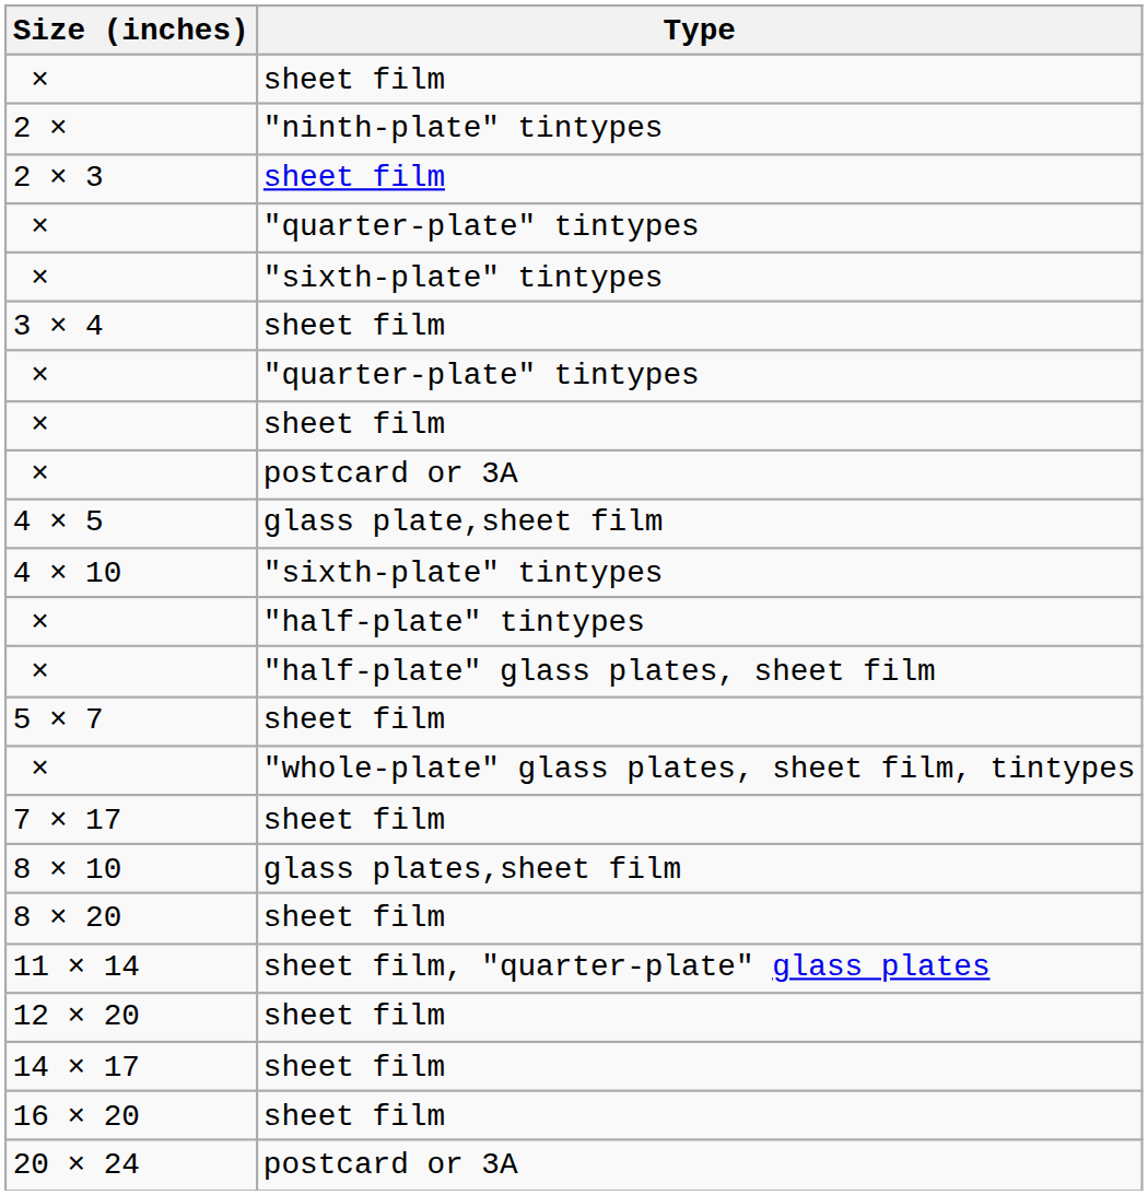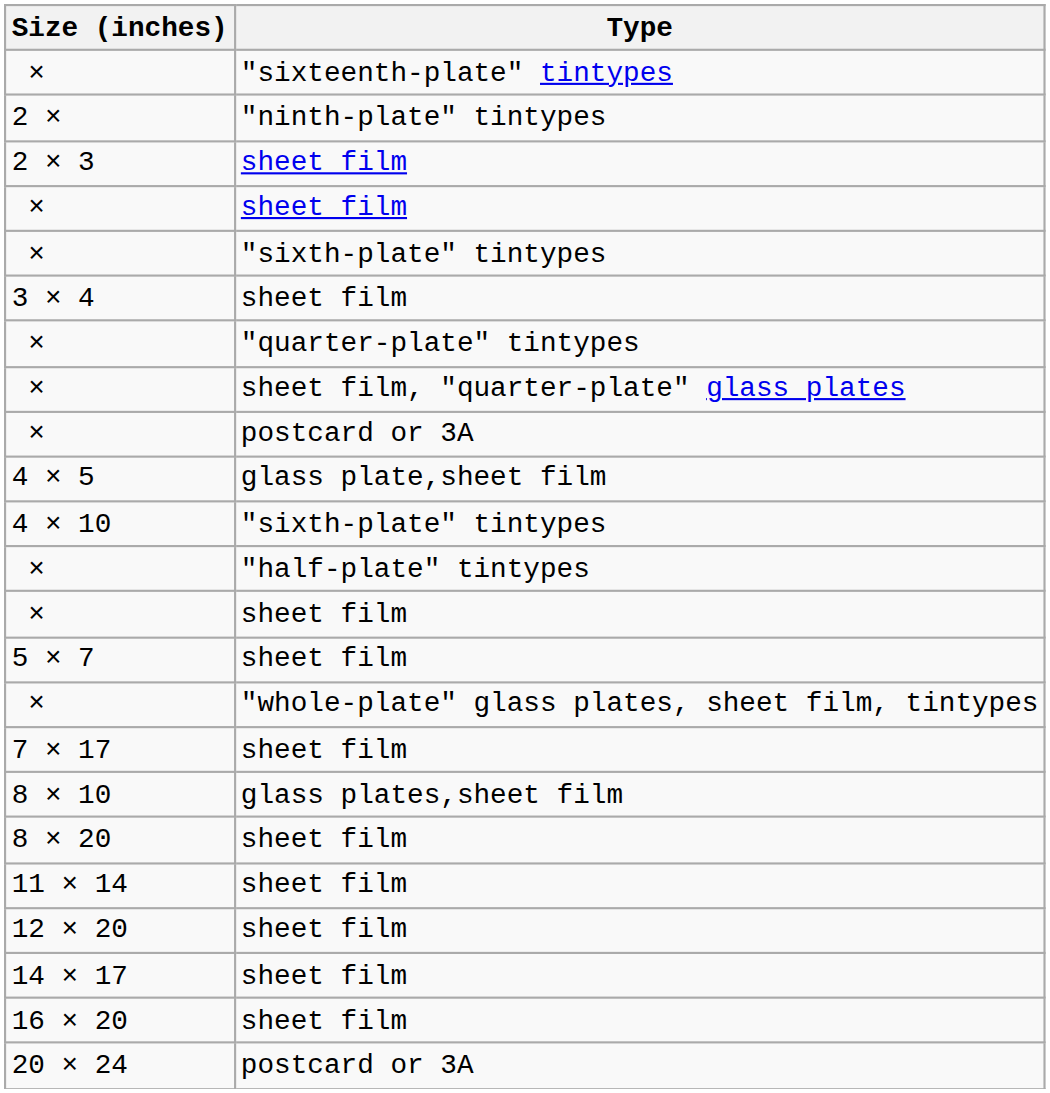 <table class="wikitable">
 <tr>
 <th>Size (inches)</th>
 <th>Type</th>
 </tr>
 <tr>
 <td> × </td>
-<td>sheet film</td>
+<td>"sixteenth-plate" <a href='#'>tintypes</a></td>
 </tr>
 <tr>
 <td>2 × </td>
 <td>"ninth-plate" tintypes</td>
 </tr>
 <tr>
 <td>2 × 3</td>
 <td><a href='#'>sheet film</a></td>
 </tr>
 <tr>
 <td> × </td>
-<td>"quarter-plate" tintypes</td>
+<td><a href='#'>sheet film</a></td>
 </tr>
 <tr>
 <td> × </td>
 <td>"sixth-plate" tintypes</td>
 </tr>
 <tr>
 <td>3 × 4</td>
 <td>sheet film</td>
 </tr>
 <tr>
 <td> × </td>
 <td>"quarter-plate" tintypes</td>
 </tr>
 <tr>
 <td> × </td>
-<td>sheet film</td>
+<td>sheet film,  "quarter-plate" <a href='#'>glass plates</a></td>
 </tr>
 <tr>
 <td> × </td>
 <td>postcard or 3A</td>
 </tr>
 <tr>
 <td>4 × 5</td>
 <td>glass plate,sheet film</td>
 </tr>
 <tr>
 <td>4 × 10</td>
 <td>"sixth-plate" tintypes</td>
 </tr>
 <tr>
 <td> × </td>
 <td>"half-plate" tintypes</td>
 </tr>
 <tr>
 <td> × </td>
-<td>"half-plate" glass plates, sheet film</td>
+<td>sheet film</td>
 </tr>
 <tr>
 <td>5 × 7</td>
 <td>sheet film</td>
 </tr>
 <tr>
 <td> × </td>
 <td>"whole-plate" glass plates, sheet film, tintypes</td>
 </tr>
 <tr>
 <td>7 × 17</td>
 <td>sheet film</td>
 </tr>
 <tr>
 <td>8 × 10</td>
 <td>glass plates,sheet film</td>
 </tr>
 <tr>
 <td>8 × 20</td>
 <td>sheet film</td>
 </tr>
 <tr>
 <td>11 × 14</td>
-<td>sheet film,  "quarter-plate" <a href='#'>glass plates</a></td>
+<td>sheet film</td>
 </tr>
 <tr>
 <td>12 × 20</td>
 <td>sheet film</td>
 </tr>
 <tr>
 <td>14 × 17</td>
 <td>sheet film</td>
 </tr>
 <tr>
 <td>16 × 20</td>
 <td>sheet film</td>
 </tr>
 <tr>
 <td>20 × 24</td>
 <td>postcard or 3A</td>
 </tr>
 </table>
